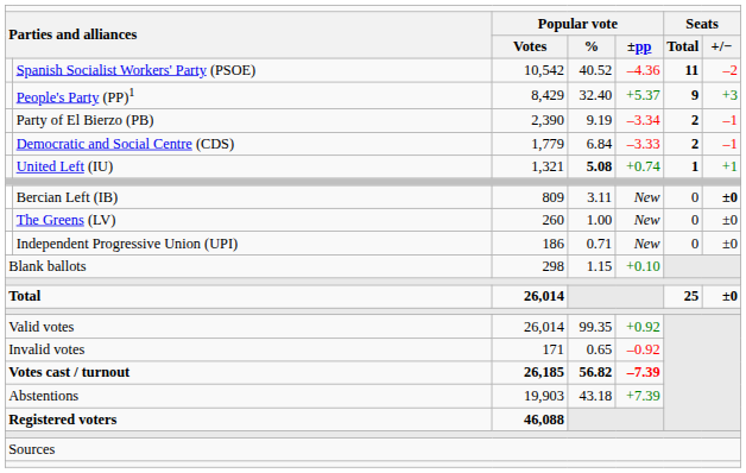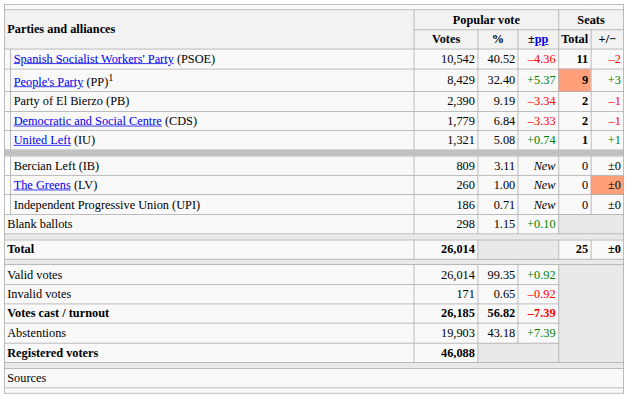 <table class="wikitable" style="text-align:right;">
 <tr>
 <td colspan="7"></td>
 </tr>
 <tr>
 <th style="text-align:left;" rowspan="2" colspan="2" width="525">Parties and alliances</th>
 <th colspan="3">Popular vote</th>
 <th colspan="2">Seats</th>
 </tr>
 <tr>
 <th width="75">Votes</th>
 <th width="45">%</th>
 <th width="45">±<a href='#'>pp</a></th>
 <th width="35">Total</th>
 <th width="35">+/−</th>
 </tr>
 <tr>
 <td width="1" style="color:inherit;background:"></td>
 <td align="left"><a href='#'>Spanish Socialist Workers' Party</a> (PSOE)</td>
 <td>10,542</td>
 <td>40.52</td>
 <td style="color:red;">–4.36</td>
 <td><strong>11</strong></td>
 <td style="color:red;">–2</td>
 </tr>
 <tr>
 <td style="color:inherit;background:"></td>
 <td align="left"><a href='#'>People's Party</a> (PP)<sup>1</sup></td>
 <td>8,429</td>
 <td>32.40</td>
 <td style="color:green;">+5.37</td>
-<td><strong>9</strong></td>
+<td style="background: lightsalmon;"><strong>9</strong></td>
 <td style="color:green;">+3</td>
 </tr>
 <tr>
 <td style="color:inherit;background:"></td>
 <td align="left">Party of El Bierzo (PB)</td>
 <td>2,390</td>
 <td>9.19</td>
 <td style="color:red;">–3.34</td>
 <td><strong>2</strong></td>
 <td style="color:red;">–1</td>
 </tr>
 <tr>
 <td style="color:inherit;background:"></td>
 <td align="left"><a href='#'>Democratic and Social Centre</a> (CDS)</td>
 <td>1,779</td>
 <td>6.84</td>
 <td style="color:red;">–3.33</td>
 <td><strong>2</strong></td>
 <td style="color:red;">–1</td>
 </tr>
 <tr>
 <td style="color:inherit;background:"></td>
 <td align="left"><a href='#'>United Left</a> (IU)</td>
 <td>1,321</td>
-<td><strong>5.08</strong></td>
+<td>5.08</td>
 <td style="color:green;">+0.74</td>
 <td><strong>1</strong></td>
 <td style="color:green;">+1</td>
 </tr>
 <tr>
 <td colspan="7" bgcolor="#C0C0C0"></td>
 </tr>
 <tr>
 <td bgcolor="white"></td>
 <td align="left">Bercian Left (IB)</td>
 <td>809</td>
 <td>3.11</td>
 <td><em>New</em></td>
 <td>0</td>
-<td><strong>±0</strong></td>
+<td>±0</td>
 </tr>
 <tr>
 <td style="color:inherit;background:"></td>
 <td align="left"><a href='#'>The Greens</a> (LV)</td>
 <td>260</td>
 <td>1.00</td>
 <td><em>New</em></td>
 <td>0</td>
-<td>±0</td>
+<td style="background: lightsalmon;">±0</td>
 </tr>
 <tr>
 <td bgcolor="white"></td>
 <td align="left">Independent Progressive Union (UPI)</td>
 <td>186</td>
 <td>0.71</td>
 <td><em>New</em></td>
 <td>0</td>
 <td>±0</td>
 </tr>
 <tr>
 <td align="left" colspan="2">Blank ballots</td>
 <td>298</td>
 <td>1.15</td>
 <td style="color:green;">+0.10</td>
 <td bgcolor="#E9E9E9" colspan="2"></td>
 </tr>
 <tr>
 <td colspan="7" bgcolor="#E9E9E9"></td>
 </tr>
 <tr style="font-weight:bold;">
 <td align="left" colspan="2">Total</td>
 <td>26,014</td>
 <td bgcolor="#E9E9E9" colspan="2"></td>
 <td>25</td>
 <td>±0</td>
 </tr>
 <tr>
 <td colspan="7" bgcolor="#E9E9E9"></td>
 </tr>
 <tr>
 <td align="left" colspan="2">Valid votes</td>
 <td>26,014</td>
 <td>99.35</td>
 <td style="color:green;">+0.92</td>
 <td bgcolor="#E9E9E9" colspan="2" rowspan="5"></td>
 </tr>
 <tr>
 <td align="left" colspan="2">Invalid votes</td>
 <td>171</td>
 <td>0.65</td>
 <td style="color:red;">–0.92</td>
 </tr>
 <tr style="font-weight:bold;">
 <td align="left" colspan="2">Votes cast / turnout</td>
 <td>26,185</td>
 <td>56.82</td>
 <td style="color:red;">–7.39</td>
 </tr>
 <tr>
 <td align="left" colspan="2">Abstentions</td>
 <td>19,903</td>
 <td>43.18</td>
 <td style="color:green;">+7.39</td>
 </tr>
 <tr style="font-weight:bold;">
 <td align="left" colspan="2">Registered voters</td>
 <td>46,088</td>
 <td bgcolor="#E9E9E9" colspan="2"></td>
 </tr>
 <tr>
 <td colspan="7" bgcolor="#E9E9E9"></td>
 </tr>
 <tr>
 <td align="left" colspan="7">Sources</td>
 </tr>
 <tr>
 <td colspan="7" style="text-align:left; max-width:790px;"></td>
 </tr>
 </table>
